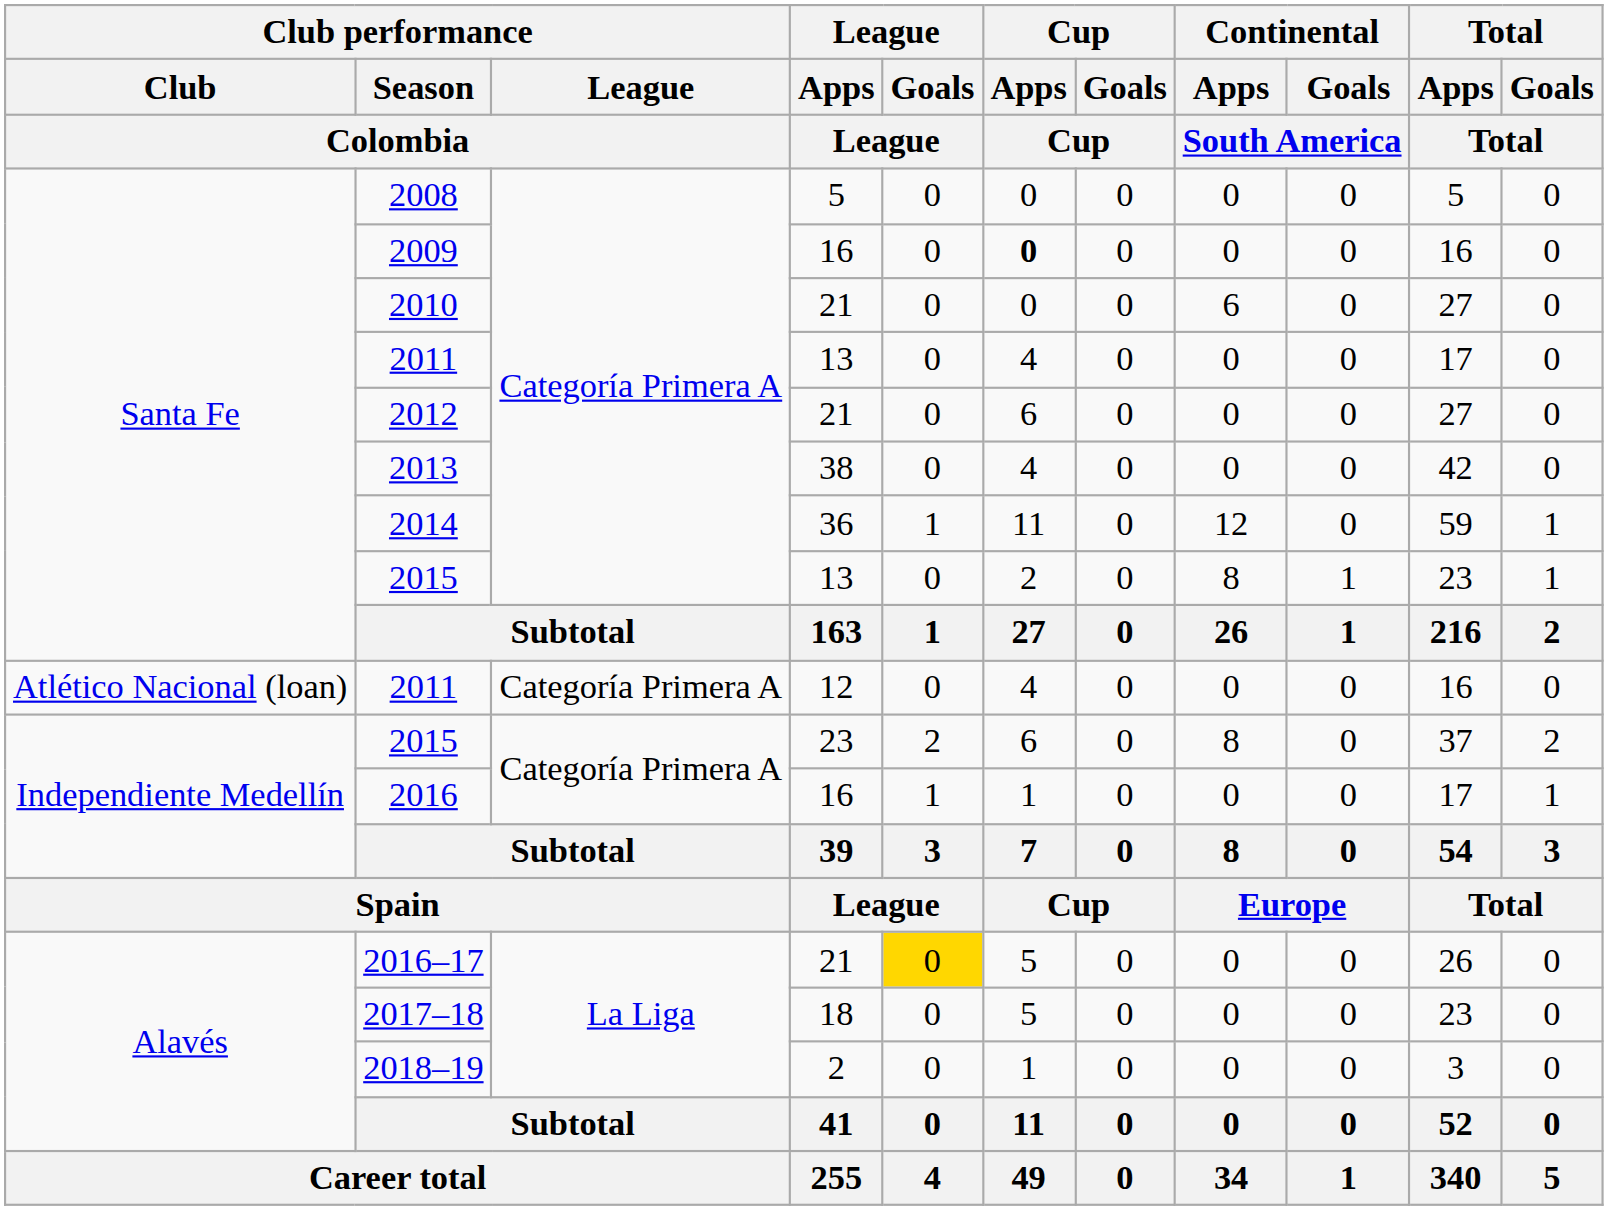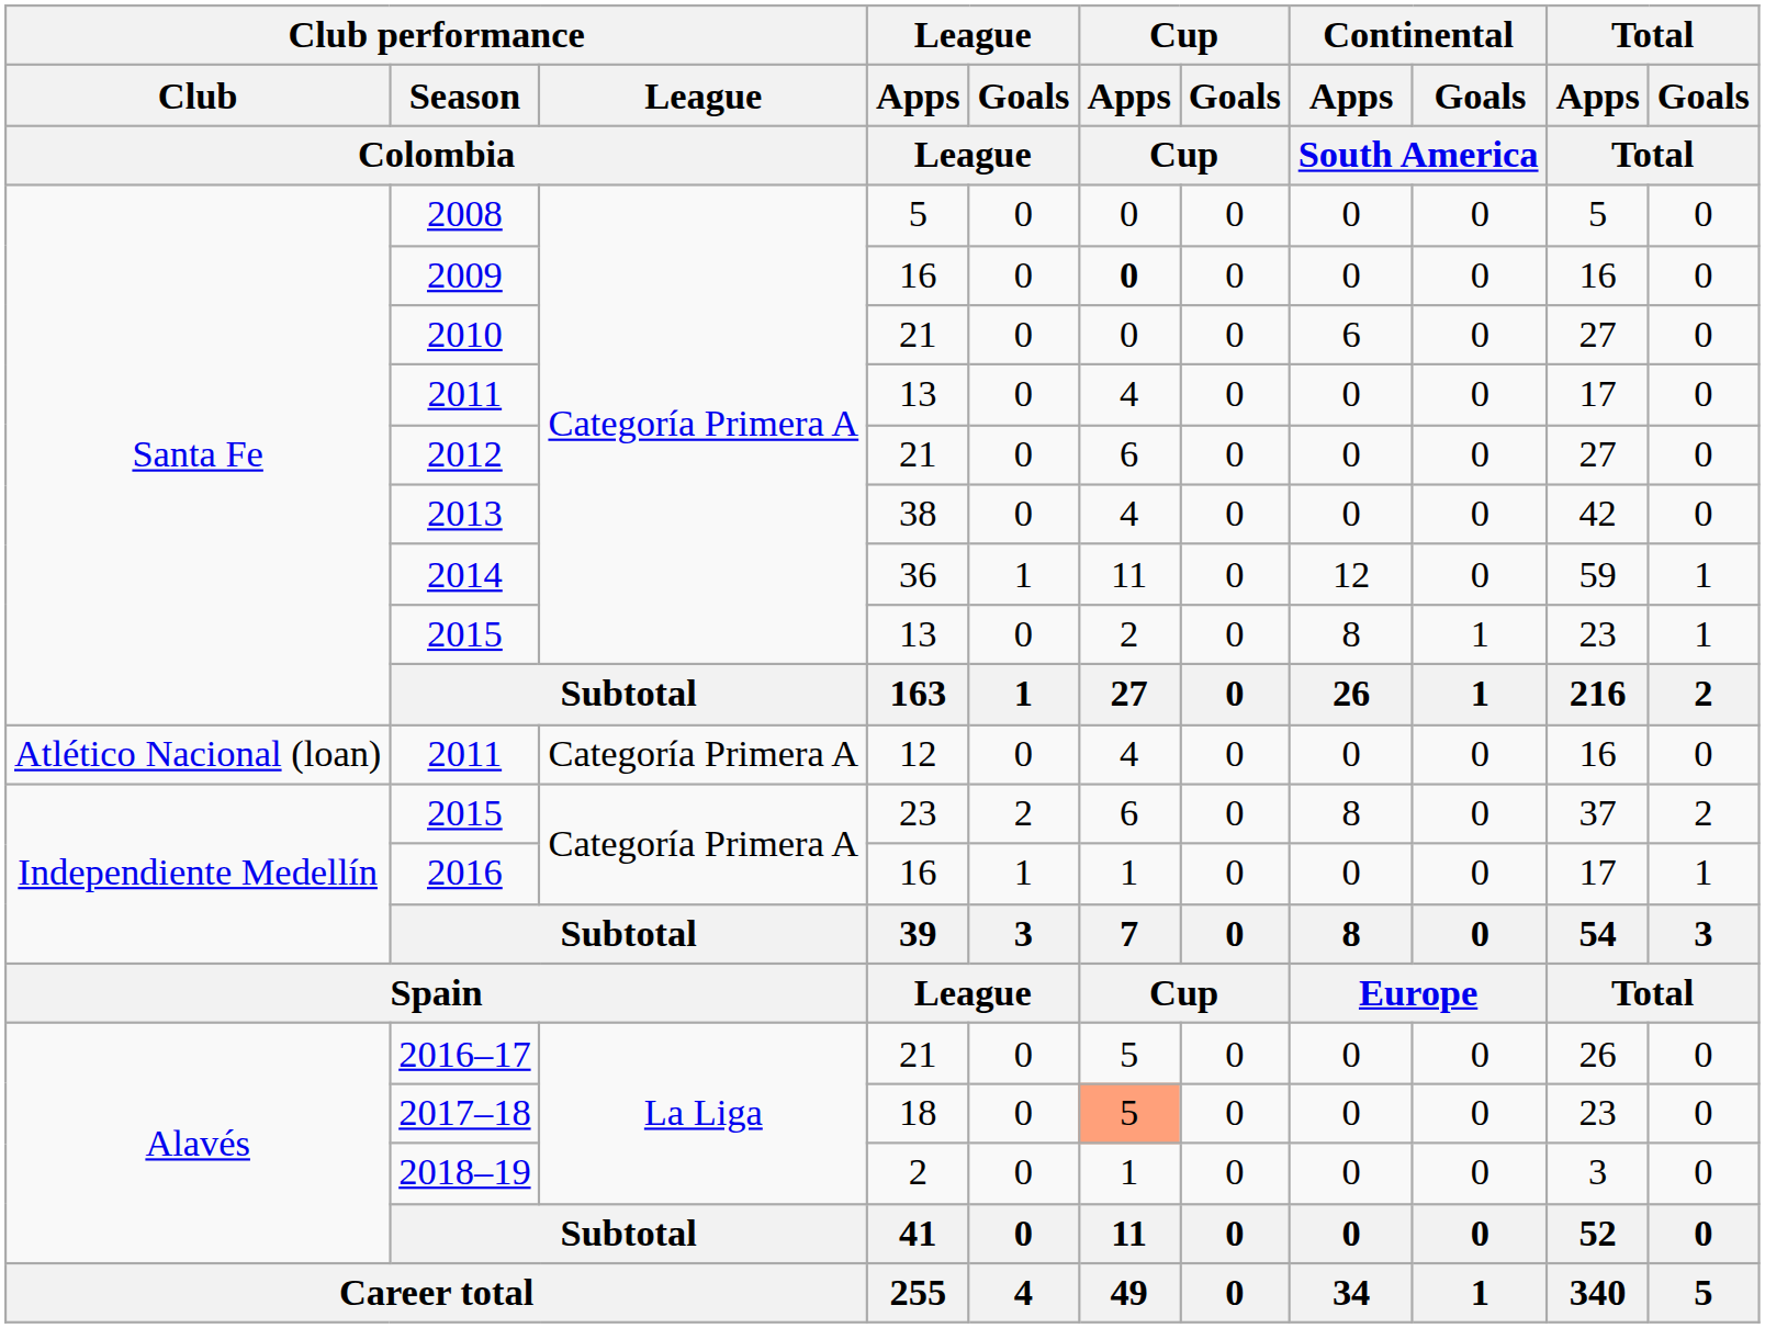 <table class="wikitable" style="text-align:center">
 <tr>
 <th colspan=3>Club performance</th>
 <th colspan=2>League</th>
 <th colspan=2>Cup</th>
 <th colspan=2>Continental</th>
 <th colspan=2>Total</th>
 </tr>
 <tr>
 <th>Club</th>
 <th>Season</th>
 <th>League</th>
 <th>Apps</th>
 <th>Goals</th>
 <th>Apps</th>
 <th>Goals</th>
 <th>Apps</th>
 <th>Goals</th>
 <th>Apps</th>
 <th>Goals</th>
 </tr>
 <tr>
 <th colspan=3>Colombia</th>
 <th colspan=2>League</th>
 <th colspan=2>Cup</th>
 <th colspan=2><a href='#'>South America</a></th>
 <th colspan=2>Total</th>
 </tr>
 <tr>
 <td rowspan="9"><a href='#'>Santa Fe</a></td>
 <td><a href='#'>2008</a></td>
 <td rowspan="8"><a href='#'>Categoría Primera A</a></td>
 <td>5</td>
 <td>0</td>
 <td>0</td>
 <td>0</td>
 <td>0</td>
 <td>0</td>
 <td>5</td>
 <td>0</td>
 </tr>
 <tr>
 <td><a href='#'>2009</a></td>
 <td>16</td>
 <td>0</td>
 <td><strong>0</strong></td>
 <td>0</td>
 <td>0</td>
 <td>0</td>
 <td>16</td>
 <td>0</td>
 </tr>
 <tr>
 <td><a href='#'>2010</a></td>
 <td>21</td>
 <td>0</td>
 <td>0</td>
 <td>0</td>
 <td>6</td>
 <td>0</td>
 <td>27</td>
 <td>0</td>
 </tr>
 <tr>
 <td><a href='#'>2011</a></td>
 <td>13</td>
 <td>0</td>
 <td>4</td>
 <td>0</td>
 <td>0</td>
 <td>0</td>
 <td>17</td>
 <td>0</td>
 </tr>
 <tr>
 <td><a href='#'>2012</a></td>
 <td>21</td>
 <td>0</td>
 <td>6</td>
 <td>0</td>
 <td>0</td>
 <td>0</td>
 <td>27</td>
 <td>0</td>
 </tr>
 <tr>
 <td><a href='#'>2013</a></td>
 <td>38</td>
 <td>0</td>
 <td>4</td>
 <td>0</td>
 <td>0</td>
 <td>0</td>
 <td>42</td>
 <td>0</td>
 </tr>
 <tr>
 <td><a href='#'>2014</a></td>
 <td>36</td>
 <td>1</td>
 <td>11</td>
 <td>0</td>
 <td>12</td>
 <td>0</td>
 <td>59</td>
 <td>1</td>
 </tr>
 <tr>
 <td><a href='#'>2015</a></td>
 <td>13</td>
 <td>0</td>
 <td>2</td>
 <td>0</td>
 <td>8</td>
 <td>1</td>
 <td>23</td>
 <td>1</td>
 </tr>
 <tr>
 <th colspan="2">Subtotal</th>
 <th>163</th>
 <th>1</th>
 <th>27</th>
 <th>0</th>
 <th>26</th>
 <th>1</th>
 <th>216</th>
 <th>2</th>
 </tr>
 <tr>
 <td><a href='#'>Atlético Nacional</a> (loan)</td>
 <td><a href='#'>2011</a></td>
 <td>Categoría Primera A</td>
 <td>12</td>
 <td>0</td>
 <td>4</td>
 <td>0</td>
 <td>0</td>
 <td>0</td>
 <td>16</td>
 <td>0</td>
 </tr>
 <tr>
 <td rowspan="3"><a href='#'>Independiente Medellín</a></td>
 <td><a href='#'>2015</a></td>
 <td rowspan="2">Categoría Primera A</td>
 <td>23</td>
 <td>2</td>
 <td>6</td>
 <td>0</td>
 <td>8</td>
 <td>0</td>
 <td>37</td>
 <td>2</td>
 </tr>
 <tr>
 <td><a href='#'>2016</a></td>
 <td>16</td>
 <td>1</td>
 <td>1</td>
 <td>0</td>
 <td>0</td>
 <td>0</td>
 <td>17</td>
 <td>1</td>
 </tr>
 <tr>
 <th colspan="2">Subtotal</th>
 <th>39</th>
 <th>3</th>
 <th>7</th>
 <th>0</th>
 <th>8</th>
 <th>0</th>
 <th>54</th>
 <th>3</th>
 </tr>
 <tr>
 <th colspan=3>Spain</th>
 <th colspan=2>League</th>
 <th colspan=2>Cup</th>
 <th colspan=2><a href='#'>Europe</a></th>
 <th colspan=2>Total</th>
 </tr>
 <tr>
 <td rowspan="4"><a href='#'>Alavés</a></td>
 <td><a href='#'>2016–17</a></td>
 <td rowspan="3"><a href='#'>La Liga</a></td>
 <td>21</td>
-<td style="background: gold;">0</td>
+<td>0</td>
 <td>5</td>
 <td>0</td>
 <td>0</td>
 <td>0</td>
 <td>26</td>
 <td>0</td>
 </tr>
 <tr>
 <td><a href='#'>2017–18</a></td>
 <td>18</td>
 <td>0</td>
-<td>5</td>
+<td style="background: lightsalmon;">5</td>
 <td>0</td>
 <td>0</td>
 <td>0</td>
 <td>23</td>
 <td>0</td>
 </tr>
 <tr>
 <td><a href='#'>2018–19</a></td>
 <td>2</td>
 <td>0</td>
 <td>1</td>
 <td>0</td>
 <td>0</td>
 <td>0</td>
 <td>3</td>
 <td>0</td>
 </tr>
 <tr>
 <th colspan=2>Subtotal</th>
 <th>41</th>
 <th>0</th>
 <th>11</th>
 <th>0</th>
 <th>0</th>
 <th>0</th>
 <th>52</th>
 <th>0</th>
 </tr>
 <tr>
 <th colspan=3>Career total</th>
 <th>255</th>
 <th>4</th>
 <th>49</th>
 <th>0</th>
 <th>34</th>
 <th>1</th>
 <th>340</th>
 <th>5</th>
 </tr>
 </table>
